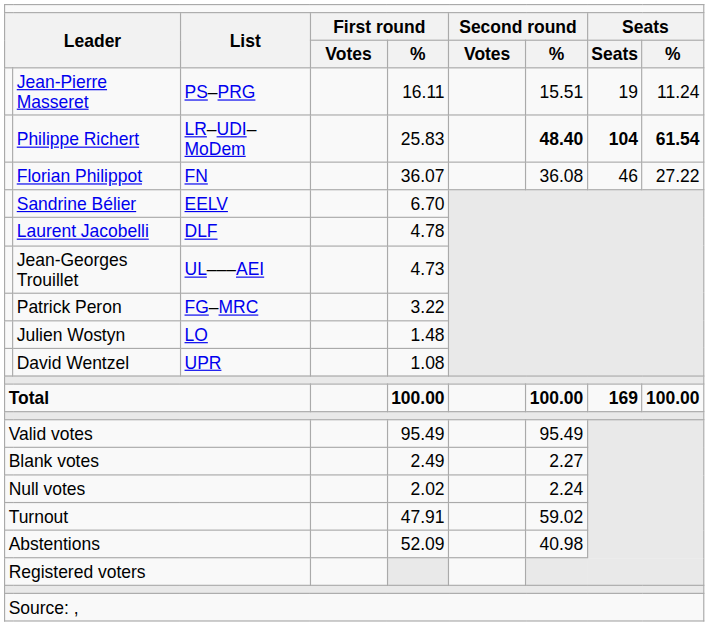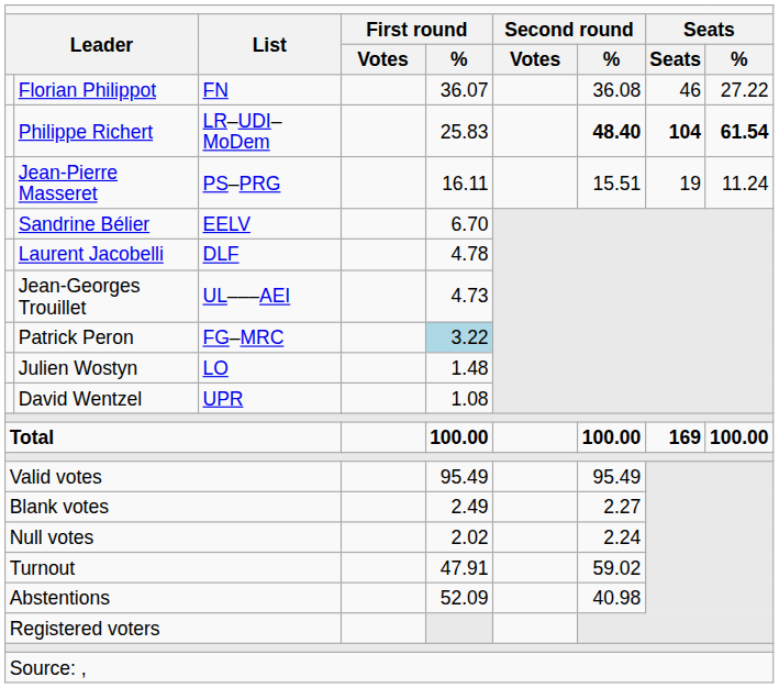 <table class="wikitable" style="font-size:95%;text-align:right;">
 <tr>
 <td colspan="9"></td>
 </tr>
 <tr>
 <th colspan="2" rowspan="2">Leader</th>
 <th rowspan="2">List</th>
 <th colspan="2">First round</th>
 <th colspan="2">Second round</th>
 <th colspan="2">Seats</th>
 </tr>
 <tr style="text-align:center;">
 <th width="60px">Votes</th>
 <th width="30px">%</th>
 <th width="60px">Votes</th>
 <th width="30px">%</th>
 <th width="30px">Seats</th>
 <th width="30px">%</th>
 </tr>
 <tr>
 <td style="background:"></td>
-<td style="text-align:left;"><a href='#'>Jean-Pierre Masseret</a></td>
-<td style="text-align:left;"><a href='#'>PS</a>–<a href='#'>PRG</a></td>
+<td style="text-align:left;"><a href='#'>Florian Philippot</a></td>
+<td style="text-align:left;"><a href='#'>FN</a></td>
 <td></td>
-<td>16.11</td>
+<td>36.07</td>
 <td></td>
-<td>15.51</td>
-<td>19</td>
-<td>11.24</td>
+<td>36.08</td>
+<td>46</td>
+<td>27.22</td>
 </tr>
 <tr>
 <td style="background:"></td>
 <td style="text-align:left;"><a href='#'>Philippe Richert</a></td>
 <td style="text-align:left;"><a href='#'>LR</a>–<a href='#'>UDI</a>–<a href='#'>MoDem</a></td>
 <td></td>
 <td>25.83</td>
 <td><strong></strong></td>
 <td><strong>48.40</strong></td>
 <td><strong>104</strong></td>
 <td><strong>61.54</strong></td>
 </tr>
 <tr>
 <td style="background:"></td>
-<td style="text-align:left;"><a href='#'>Florian Philippot</a></td>
-<td style="text-align:left;"><a href='#'>FN</a></td>
+<td style="text-align:left;"><a href='#'>Jean-Pierre Masseret</a></td>
+<td style="text-align:left;"><a href='#'>PS</a>–<a href='#'>PRG</a></td>
 <td></td>
-<td>36.07</td>
+<td>16.11</td>
 <td></td>
-<td>36.08</td>
-<td>46</td>
-<td>27.22</td>
+<td>15.51</td>
+<td>19</td>
+<td>11.24</td>
 </tr>
 <tr>
 <td style="background:"></td>
 <td style="text-align:left;"><a href='#'>Sandrine Bélier</a></td>
 <td style="text-align:left;"><a href='#'>EELV</a></td>
 <td></td>
 <td>6.70</td>
 <td style="background-color:#E9E9E9;" colspan="4" rowspan="6"></td>
 </tr>
 <tr>
 <td style="background:"></td>
 <td style="text-align:left;"><a href='#'>Laurent Jacobelli</a></td>
 <td style="text-align:left;"><a href='#'>DLF</a></td>
 <td></td>
 <td>4.78</td>
 </tr>
 <tr>
 <td style="background:"></td>
 <td style="text-align:left;">Jean-Georges Trouillet</td>
 <td style="text-align:left;"><a href='#'>UL</a>–––<a href='#'>AEI</a></td>
 <td></td>
 <td>4.73</td>
 </tr>
 <tr>
 <td style="background:"></td>
 <td style="text-align:left;">Patrick Peron</td>
 <td style="text-align:left;"><a href='#'>FG</a>–<a href='#'>MRC</a></td>
 <td></td>
-<td>3.22</td>
+<td style="background: lightblue;">3.22</td>
 </tr>
 <tr>
 <td style="background:"></td>
 <td style="text-align:left;">Julien Wostyn</td>
 <td style="text-align:left;"><a href='#'>LO</a></td>
 <td></td>
 <td>1.48</td>
 </tr>
 <tr>
 <td style="background:"></td>
 <td style="text-align:left;">David Wentzel</td>
 <td style="text-align:left;"><a href='#'>UPR</a></td>
 <td></td>
 <td>1.08</td>
 </tr>
 <tr>
 <td style="background-color:#E9E9E9;" colspan="9"></td>
 </tr>
 <tr style="font-weight:bold;">
 <td style="text-align:left;" colspan="3">Total</td>
 <td></td>
 <td>100.00</td>
 <td></td>
 <td>100.00</td>
 <td>169</td>
 <td>100.00</td>
 </tr>
 <tr>
 <td style="background-color:#E9E9E9;" colspan="9"></td>
 </tr>
 <tr>
 <td style="text-align:left;" colspan="3">Valid votes</td>
 <td></td>
 <td>95.49</td>
 <td></td>
 <td>95.49</td>
 <td style="background-color:#E9E9E9;" colspan="2" rowspan="5"></td>
 </tr>
 <tr>
 <td style="text-align:left;" colspan="3">Blank votes</td>
 <td></td>
 <td>2.49</td>
 <td></td>
 <td>2.27</td>
 </tr>
 <tr>
 <td style="text-align:left;" colspan="3">Null votes</td>
 <td></td>
 <td>2.02</td>
 <td></td>
 <td>2.24</td>
 </tr>
 <tr>
 <td style="text-align:left;" colspan="3">Turnout</td>
 <td></td>
 <td>47.91</td>
 <td></td>
 <td>59.02</td>
 </tr>
 <tr>
 <td style="text-align:left;" colspan="3">Abstentions</td>
 <td></td>
 <td>52.09</td>
 <td></td>
 <td>40.98</td>
 </tr>
 <tr>
 <td style="text-align:left;" colspan="3">Registered voters</td>
 <td></td>
 <td style="background-color:#E9E9E9;"></td>
 <td></td>
 <td style="background-color:#E9E9E9;border-right-style:hidden;"></td>
 <td style="background-color:#E9E9E9;border-top-style:hidden;" colspan="2"></td>
 </tr>
 <tr>
 <td style="background-color:#E9E9E9;" colspan="9"></td>
 </tr>
 <tr>
 <td style="text-align:left;" colspan="9">Source: , </td>
 </tr>
 </table>
